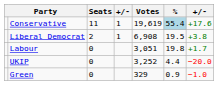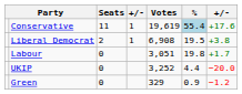 <table class="wikitable">
 <tr>
 <th colspan="2">Party</th>
 <th>Seats</th>
 <th>+/-</th>
 <th>Votes</th>
 <th>%</th>
 <th>+/-</th>
 </tr>
 <tr>
 <td style="background-color: "></td>
 <td><a href='#'>Conservative</a></td>
 <td>11</td>
 <td> 1</td>
 <td>19,619</td>
 <td style="background: lightblue;">55.4</td>
 <td style="color:green">+17.6</td>
 </tr>
 <tr>
 <td style="background-color: "></td>
 <td><a href='#'>Liberal Democrat</a></td>
 <td>2</td>
 <td> 1</td>
 <td>6,908</td>
 <td>19.5</td>
 <td style="color:green">+3.8</td>
 </tr>
 <tr>
 <td style="background-color: "></td>
 <td><a href='#'>Labour</a></td>
 <td>0</td>
 <td></td>
 <td>3,051</td>
 <td>19.8</td>
 <td style="color:green">+1.7</td>
 </tr>
 <tr>
 <td style="background-color:"></td>
 <td><a href='#'>UKIP</a></td>
 <td>0</td>
 <td></td>
 <td>3,252</td>
 <td>4.4</td>
 <td style="color:red">−20.0</td>
 </tr>
 <tr>
 <td style="background-color: "></td>
 <td><a href='#'>Green</a></td>
 <td>0</td>
 <td></td>
 <td>329</td>
 <td>0.9</td>
-<td style="color:red">−1.0</td>
+<td style="color:red">−1.2</td>
 </tr>
 </table>
